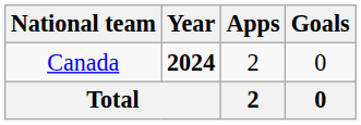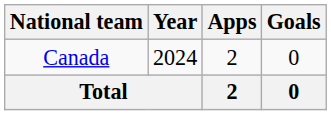 <table class="wikitable" style="text-align:center">
 <tr>
 <th>National team</th>
 <th>Year</th>
 <th>Apps</th>
 <th>Goals</th>
 </tr>
 <tr>
 <td><a href='#'>Canada</a></td>
-<td><strong>2024</strong></td>
+<td>2024</td>
 <td>2</td>
 <td>0</td>
 </tr>
 <tr>
 <th colspan="2">Total</th>
 <th>2</th>
 <th>0</th>
 </tr>
 </table>
